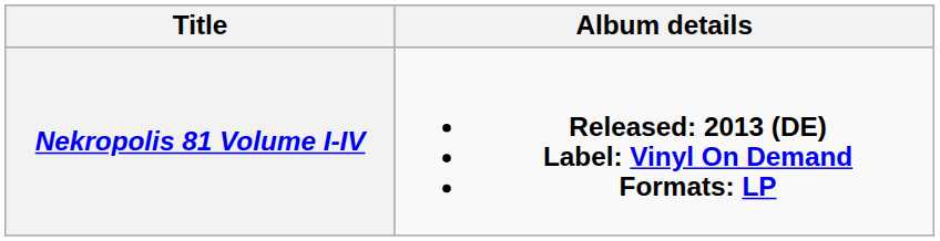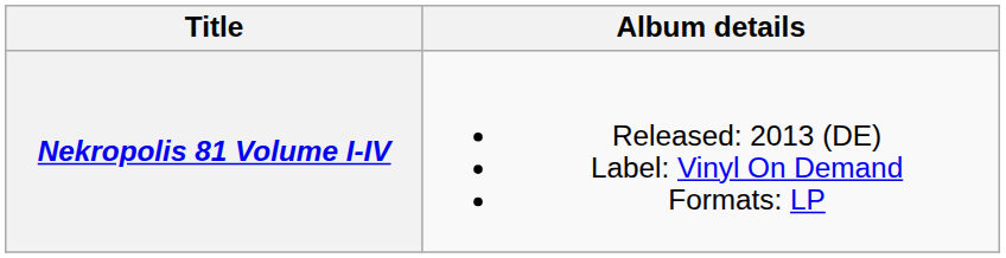 <table class="wikitable plainrowheaders" style="text-align:center;">
 <tr>
 <th scope="col" rowspan="1" style="width:14em;">Title</th>
 <th scope="col" rowspan="1" style="width:19.5em;">Album details</th>
 </tr>
 <tr>
 <th scope="row"><em><a href='#'>Nekropolis 81 Volume I-IV</a></em></th>
-<td><strong><br><ul><li>Released: 2013 <span>(DE)</span></li><li>Label: <a href='#'>Vinyl On Demand</a></li><li>Formats: <a href='#'>LP</a></li></ul></strong></td>
+<td><br><ul><li>Released: 2013 <span>(DE)</span></li><li>Label: <a href='#'>Vinyl On Demand</a></li><li>Formats: <a href='#'>LP</a></li></ul></td>
 </tr>
 </table>
